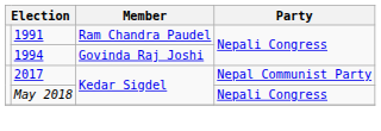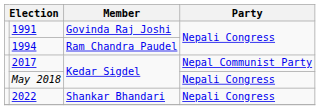 <table class="wikitable">
 <tr>
 <th colspan="2">Election</th>
 <th>Member</th>
 <th>Party</th>
 </tr>
 <tr>
 <td rowspan="2" style="background-color:"></td>
 <td><a href='#'>1991</a></td>
-<td><a href='#'>Ram Chandra Paudel</a></td>
+<td><a href='#'>Govinda Raj Joshi</a></td>
 <td rowspan="2"><a href='#'>Nepali Congress</a></td>
 </tr>
 <tr>
 <td><a href='#'>1994</a></td>
-<td><a href='#'>Govinda Raj Joshi</a></td>
+<td><a href='#'>Ram Chandra Paudel</a></td>
 </tr>
 <tr>
 <td rowspan="2" style="background-color:"></td>
 <td><a href='#'>2017</a></td>
 <td rowspan="2"><a href='#'>Kedar Sigdel</a></td>
 <td><a href='#'>Nepal Communist Party</a></td>
 </tr>
 <tr>
 <td><em>May 2018</em></td>
 <td><a href='#'>Nepali Congress</a></td>
 </tr>
 <tr>
+<td></td>
+<td><a href='#'>2022</a></td>
+<td><a href='#'>Shankar Bhandari</a></td>
+<td><a href='#'>Nepali Congress</a></td>
+</tr>
+<tr>
 </tr>
 </table>
